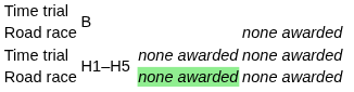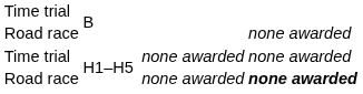 <table>
 <tr>
 <td>Time trial</td>
 <td rowspan=2>B</td>
 <td></td>
 <td></td>
 <td></td>
 </tr>
 <tr>
 <td>Road race</td>
 <td></td>
 <td></td>
 <td><em>none awarded</em></td>
 </tr>
 <tr>
 <td>Time trial</td>
 <td rowspan=2>H1–H5</td>
 <td></td>
 <td><em>none awarded</em></td>
 <td><em>none awarded</em></td>
 </tr>
 <tr>
 <td>Road race</td>
 <td></td>
-<td style="background: lightgreen;"><em>none awarded</em></td>
 <td><em>none awarded</em></td>
+<td><strong><em>none awarded</em></strong></td>
 </tr>
 </table>
